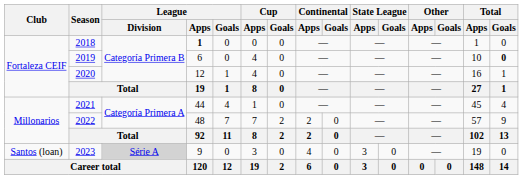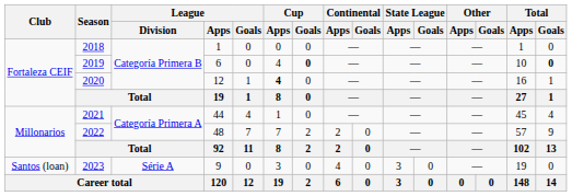 <table class="wikitable" style="text-align: center;">
 <tr>
 <th rowspan="2">Club</th>
 <th rowspan="2">Season</th>
 <th colspan="3">League</th>
 <th colspan="2">Cup</th>
 <th colspan="2">Continental</th>
 <th colspan="2">State League</th>
 <th colspan="2">Other</th>
 <th colspan="2">Total</th>
 </tr>
 <tr>
 <th>Division</th>
 <th>Apps</th>
 <th>Goals</th>
 <th>Apps</th>
 <th>Goals</th>
 <th>Apps</th>
 <th>Goals</th>
 <th>Apps</th>
 <th>Goals</th>
 <th>Apps</th>
 <th>Goals</th>
 <th>Apps</th>
 <th>Goals</th>
 </tr>
 <tr>
 <td rowspan="4"><a href='#'>Fortaleza CEIF</a></td>
 <td><a href='#'>2018</a></td>
 <td rowspan="3"><a href='#'>Categoría Primera B</a></td>
-<td><strong>1</strong></td>
+<td>1</td>
 <td>0</td>
 <td>0</td>
 <td>0</td>
 <td colspan="2">—</td>
 <td colspan="2">—</td>
 <td colspan="2">—</td>
 <td>1</td>
 <td>0</td>
 </tr>
 <tr>
 <td><a href='#'>2019</a></td>
 <td>6</td>
 <td>0</td>
 <td>4</td>
-<td>0</td>
+<td><strong>0</strong></td>
 <td colspan="2">—</td>
 <td colspan="2">—</td>
 <td colspan="2">—</td>
 <td>10</td>
 <td><strong>0</strong></td>
 </tr>
 <tr>
 <td><a href='#'>2020</a></td>
 <td>12</td>
 <td>1</td>
-<td>4</td>
+<td><strong>4</strong></td>
 <td>0</td>
 <td colspan="2">—</td>
 <td colspan="2">—</td>
 <td colspan="2">—</td>
 <td>16</td>
 <td>1</td>
 </tr>
 <tr>
 <th colspan="2">Total</th>
 <th>19</th>
 <th>1</th>
 <th>8</th>
 <th>0</th>
 <th colspan="2">—</th>
 <th colspan="2">—</th>
 <th colspan="2">—</th>
 <th>27</th>
 <th>1</th>
 </tr>
 <tr>
 <td rowspan="3"><a href='#'>Millonarios</a></td>
 <td><a href='#'>2021</a></td>
 <td rowspan="2"><a href='#'>Categoría Primera A</a></td>
 <td>44</td>
 <td>4</td>
 <td>1</td>
 <td>0</td>
 <td colspan="2">—</td>
 <td colspan="2">—</td>
 <td colspan="2">—</td>
 <td>45</td>
 <td>4</td>
 </tr>
 <tr>
 <td><a href='#'>2022</a></td>
 <td>48</td>
 <td>7</td>
 <td>7</td>
 <td>2</td>
 <td>2</td>
 <td>0</td>
 <td colspan="2">—</td>
 <td colspan="2">—</td>
 <td>57</td>
 <td>9</td>
 </tr>
 <tr>
 <th colspan="2">Total</th>
 <th>92</th>
 <th>11</th>
 <th>8</th>
 <th>2</th>
 <th>2</th>
 <th>0</th>
 <th colspan="2">—</th>
 <th colspan="2">—</th>
 <th>102</th>
 <th>13</th>
 </tr>
 <tr>
 <td><a href='#'>Santos</a> (loan)</td>
 <td><a href='#'>2023</a></td>
-<td style="background: lightgrey;"><a href='#'>Série A</a></td>
+<td><a href='#'>Série A</a></td>
 <td>9</td>
 <td>0</td>
 <td>3</td>
 <td>0</td>
 <td>4</td>
 <td>0</td>
 <td>3</td>
 <td>0</td>
 <td colspan="2">—</td>
 <td>19</td>
 <td>0</td>
 </tr>
 <tr>
 <th colspan="3">Career total</th>
 <th>120</th>
 <th>12</th>
 <th>19</th>
 <th>2</th>
 <th>6</th>
 <th>0</th>
 <th>3</th>
 <th>0</th>
 <th>0</th>
 <th>0</th>
 <th>148</th>
 <th>14</th>
 </tr>
 </table>
